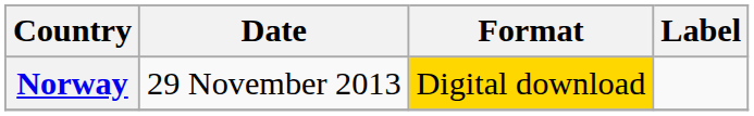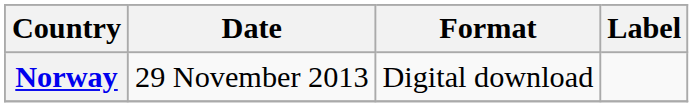 <table class="wikitable plainrowheaders">
 <tr>
 <th scope="col">Country</th>
 <th scope="col">Date</th>
 <th scope="col">Format</th>
 <th scope="col">Label</th>
 </tr>
 <tr>
 <th scope="row"><a href='#'>Norway</a></th>
 <td>29 November 2013</td>
-<td style="background: gold;">Digital download</td>
+<td>Digital download</td>
 <td></td>
 </tr>
 <tr>
 </tr>
 </table>
